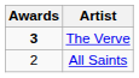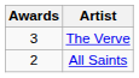 <table class="wikitable" rowspan="2" style="text-align:center;">
 <tr>
 <th scope="col" style="width:55px;">Awards</th>
 <th scope="col" style="text-align:center;">Artist</th>
 </tr>
 <tr>
-<td><strong>3</strong></td>
+<td>3</td>
 <td><a href='#'>The Verve</a></td>
 </tr>
 <tr>
 <td>2</td>
 <td><a href='#'>All Saints</a></td>
 </tr>
 </table>
